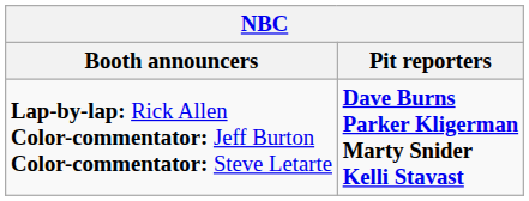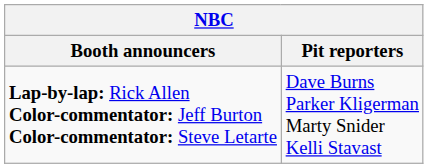 <table class="wikitable" style="font-size: 95%">
 <tr>
 <th colspan="2"><a href='#'>NBC</a></th>
 </tr>
 <tr>
 <th>Booth announcers</th>
 <th>Pit reporters</th>
 </tr>
 <tr>
 <td><strong>Lap-by-lap:</strong> <a href='#'>Rick Allen</a><br><strong>Color-commentator:</strong> <a href='#'>Jeff Burton</a><br><strong>Color-commentator:</strong> <a href='#'>Steve Letarte</a></td>
-<td><strong><a href='#'>Dave Burns</a><br><a href='#'>Parker Kligerman</a><br>Marty Snider<br><a href='#'>Kelli Stavast</a></strong></td>
+<td><a href='#'>Dave Burns</a><br><a href='#'>Parker Kligerman</a><br>Marty Snider<br><a href='#'>Kelli Stavast</a></td>
 </tr>
 </table>
